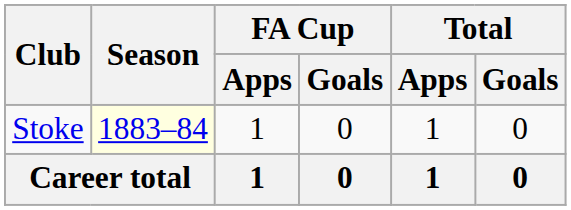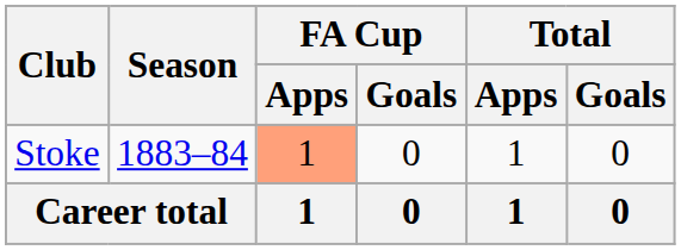 <table class="wikitable" style="text-align: center;">
 <tr>
 <th rowspan="2">Club</th>
 <th rowspan="2">Season</th>
 <th colspan="2">FA Cup</th>
 <th colspan="2">Total</th>
 </tr>
 <tr>
 <th>Apps</th>
 <th>Goals</th>
 <th>Apps</th>
 <th>Goals</th>
 </tr>
 <tr>
 <td><a href='#'>Stoke</a></td>
-<td style="background: lightyellow;"><a href='#'>1883–84</a></td>
-<td>1</td>
+<td><a href='#'>1883–84</a></td>
+<td style="background: lightsalmon;">1</td>
 <td>0</td>
 <td>1</td>
 <td>0</td>
 </tr>
 <tr>
 <th colspan="2">Career total</th>
 <th>1</th>
 <th>0</th>
 <th>1</th>
 <th>0</th>
 </tr>
 </table>
